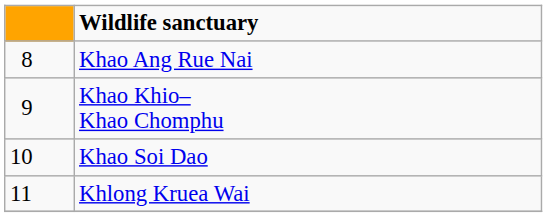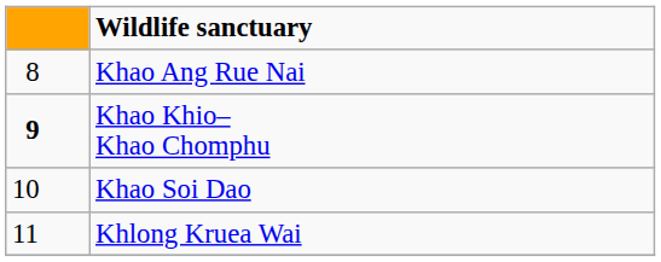 <table class="wikitable" style="width:30%; display:inline-table;">
 <tr>
 <td style="width:3%; background:#FFA400;"> </td>
 <td style="width:27%;"><strong>Wildlife sanctuary</strong></td>
 </tr>
 <tr>
 <td>  8</td>
 <td><a href='#'>Khao Ang Rue Nai</a></td>
 </tr>
 <tr>
-<td>  9</td>
+<td><strong>  9</strong></td>
 <td><a href='#'>Khao Khio–<br>Khao Chomphu</a></td>
 </tr>
 <tr>
 <td>10</td>
 <td><a href='#'>Khao Soi Dao</a></td>
 </tr>
 <tr>
 <td>11</td>
 <td><a href='#'>Khlong Kruea Wai</a></td>
 </tr>
 <tr>
 </tr>
 </table>
